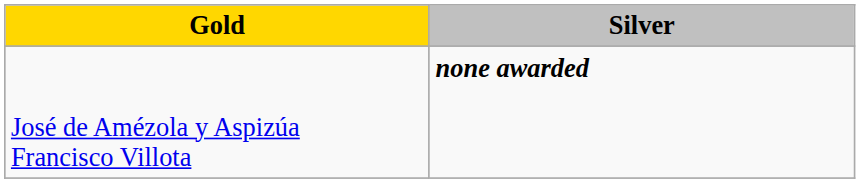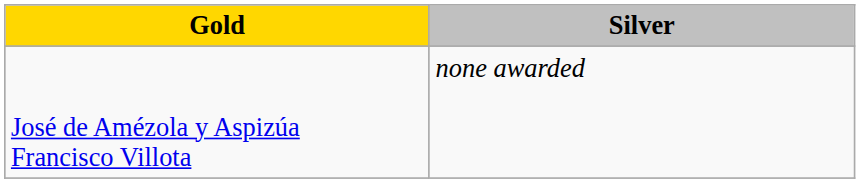 <table class="wikitable" border="1" style="font-size:100%">
 <tr align=center>
 <th scope=col style="width:250px; background: gold;">Gold</th>
 <th scope=col style="width:250px; background: silver;">Silver</th>
 </tr>
 <tr valign="top">
 <td><br><br><a href='#'>José de Amézola y Aspizúa</a><br> <a href='#'>Francisco Villota</a></td>
-<td><strong><em>none awarded</em></strong></td>
+<td><em>none awarded</em></td>
 </tr>
 </table>
